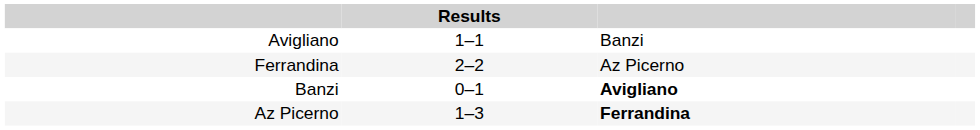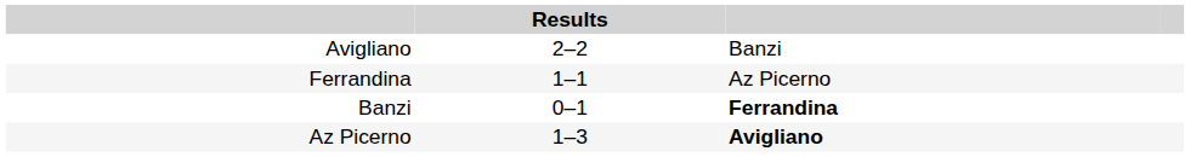 <table align=center style="font-size: 85%; border-collapse:collapse" border=0 cellspacing=0 cellpadding=2 width=60%>
 <tr bgcolor="D3D3D3">
 <th align=right></th>
 <th align=center>Results</th>
 <th align=left></th>
 <th align=center></th>
 </tr>
 <tr bgcolor=#FFFFFF>
 <td align=right>Avigliano</td>
-<td align=center>1–1</td>
+<td align=center>2–2</td>
 <td>Banzi</td>
 <td align=center></td>
 </tr>
 <tr bgcolor=#F5F5F5>
 <td align=right>Ferrandina</td>
-<td align=center>2–2</td>
+<td align=center>1–1</td>
 <td>Az Picerno</td>
 <td align=center></td>
 </tr>
 <tr bgcolor=#FFFFFF>
 <td align=right>Banzi</td>
 <td align=center>0–1</td>
-<td><strong>Avigliano</strong></td>
+<td><strong>Ferrandina</strong></td>
 <td align=center></td>
 </tr>
 <tr bgcolor=#F5F5F5>
 <td align=right>Az Picerno</td>
 <td align=center>1–3</td>
-<td><strong>Ferrandina</strong></td>
+<td><strong>Avigliano</strong></td>
 <td align=center></td>
 </tr>
 </table>
